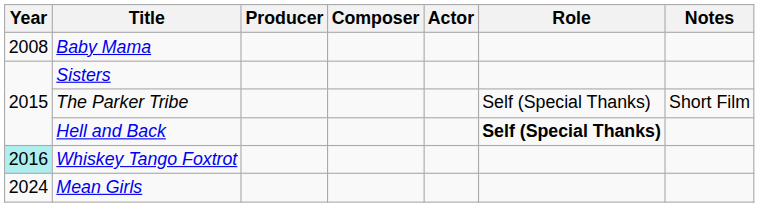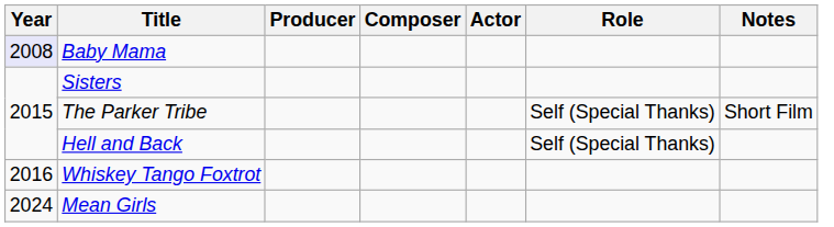 <table class="wikitable sortable">
 <tr>
 <th>Year</th>
 <th>Title</th>
 <th>Producer</th>
 <th>Composer</th>
 <th>Actor</th>
 <th>Role</th>
 <th>Notes</th>
 </tr>
 <tr>
-<td>2008</td>
+<td style="background: lavender;">2008</td>
 <td><em><a href='#'>Baby Mama</a></em></td>
 <td></td>
 <td></td>
 <td></td>
 <td></td>
 <td></td>
 </tr>
 <tr>
 <td rowspan="3">2015</td>
 <td><em><a href='#'>Sisters</a></em></td>
 <td></td>
 <td></td>
 <td></td>
 <td></td>
 <td></td>
 </tr>
 <tr>
 <td><em>The Parker Tribe</em></td>
 <td></td>
 <td></td>
 <td></td>
 <td>Self (Special Thanks)</td>
 <td>Short Film</td>
 </tr>
 <tr>
 <td><em><a href='#'>Hell and Back</a></em></td>
 <td></td>
 <td></td>
 <td></td>
-<td><strong>Self (Special Thanks)</strong></td>
+<td>Self (Special Thanks)</td>
 <td></td>
 </tr>
 <tr>
-<td style="background: paleturquoise;">2016</td>
+<td>2016</td>
 <td><em><a href='#'>Whiskey Tango Foxtrot</a></em></td>
 <td></td>
 <td></td>
 <td></td>
 <td></td>
 <td></td>
 </tr>
 <tr>
 <td>2024</td>
 <td><em><a href='#'>Mean Girls</a></em></td>
 <td></td>
 <td></td>
 <td></td>
 <td></td>
 <td></td>
 </tr>
 </table>
